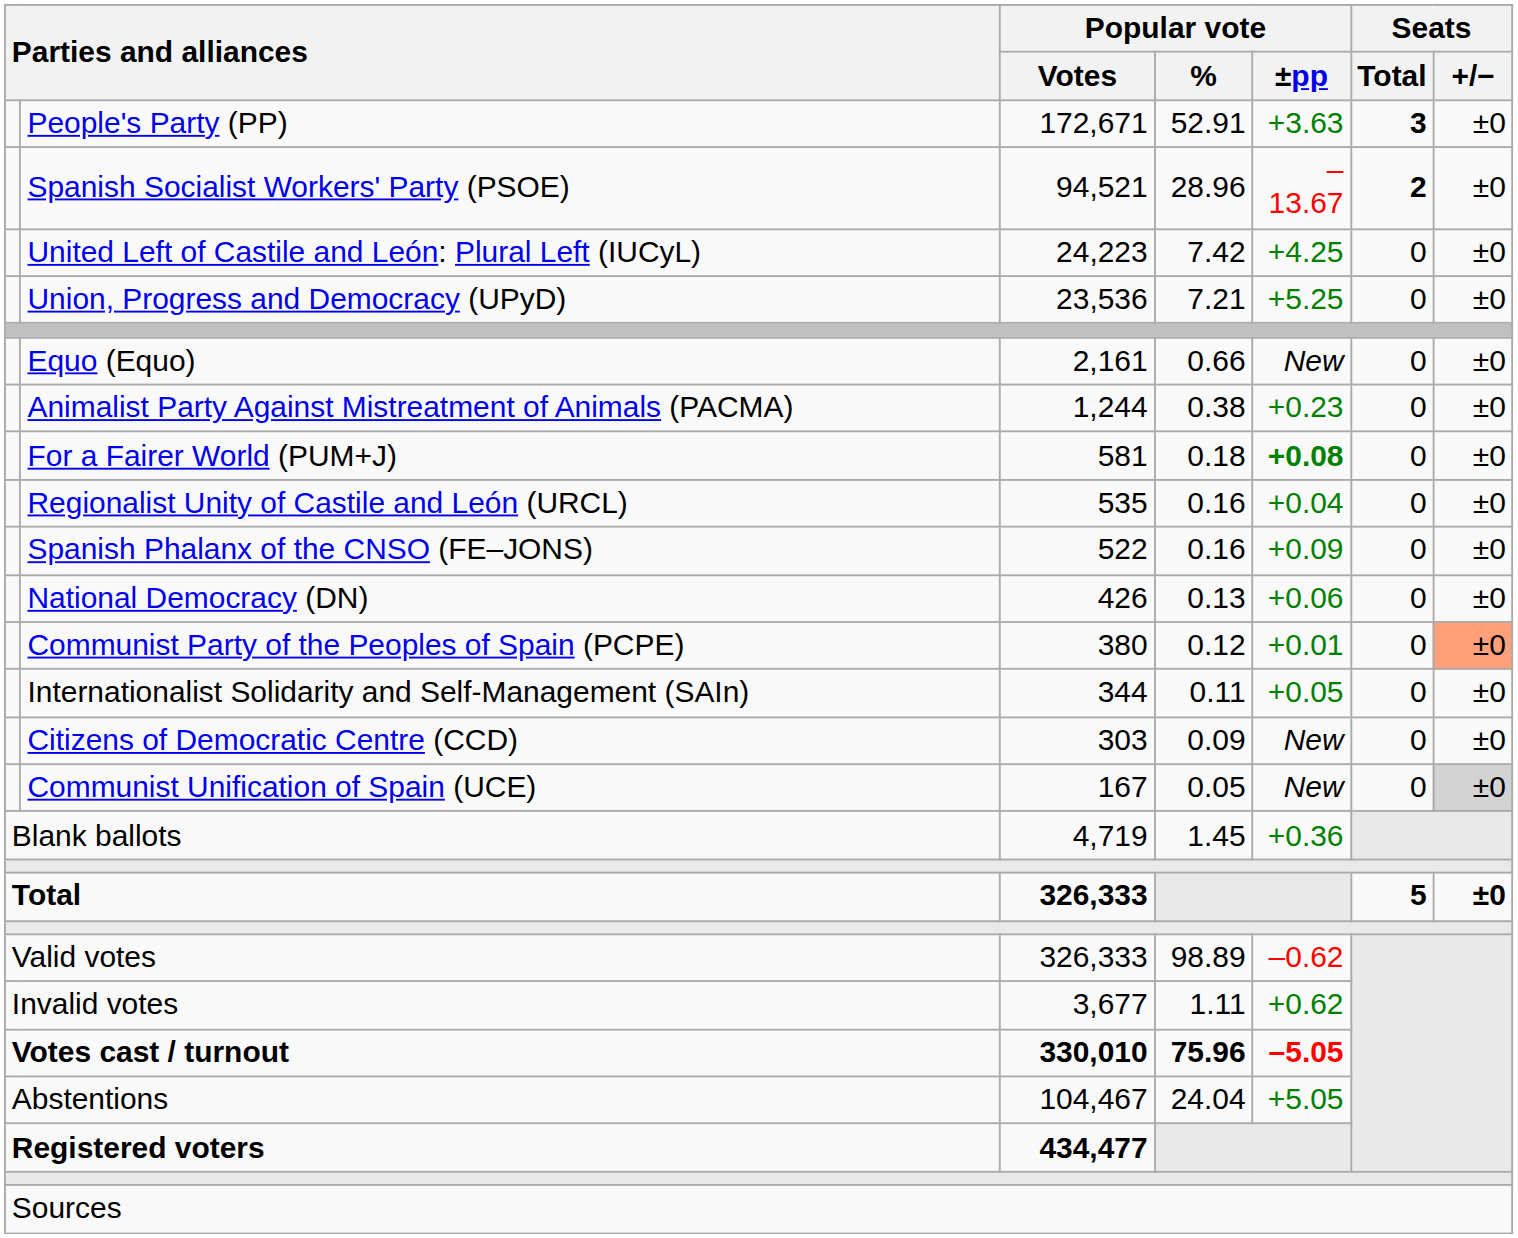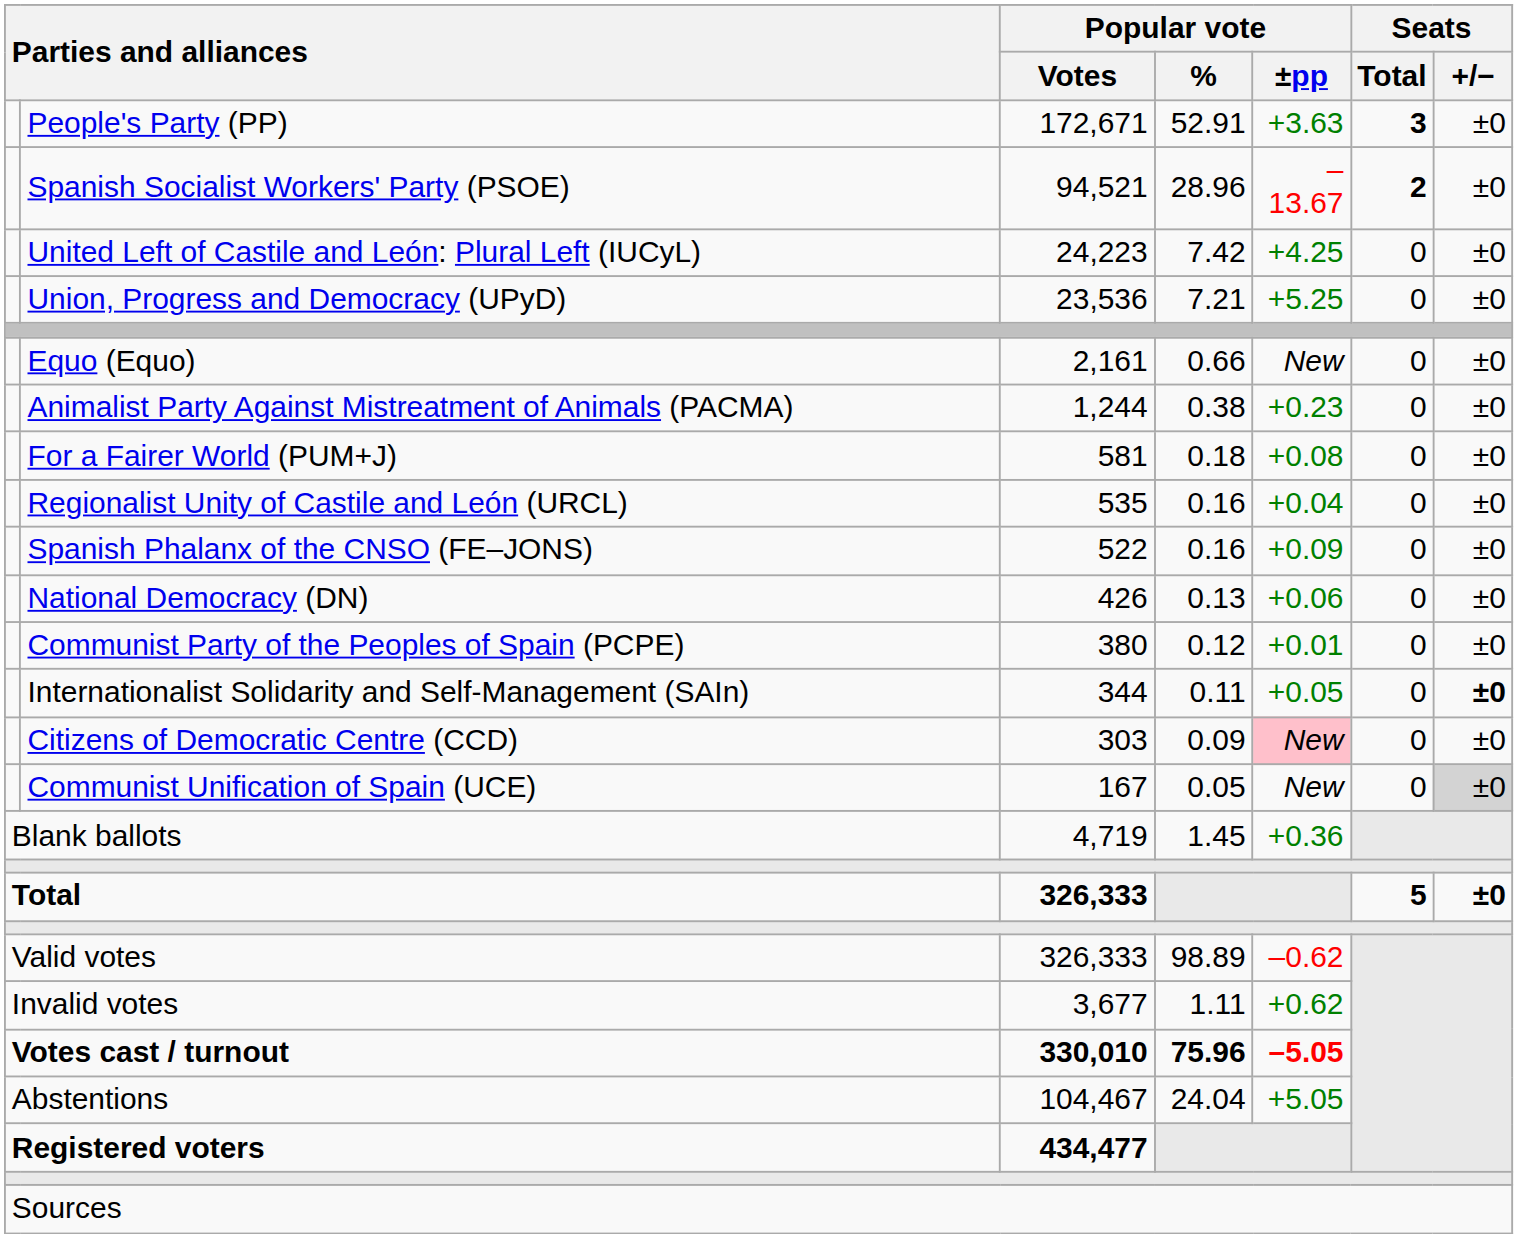 <table class="wikitable" style="text-align:right;">
 <tr>
 <th style="text-align:left;" rowspan="2" colspan="2" width="525">Parties and alliances</th>
 <th colspan="3">Popular vote</th>
 <th colspan="2">Seats</th>
 </tr>
 <tr>
 <th width="75">Votes</th>
 <th width="45">%</th>
 <th width="45">±<a href='#'>pp</a></th>
 <th width="35">Total</th>
 <th width="35">+/−</th>
 </tr>
 <tr>
 <td width="1" style="color:inherit;background:"></td>
 <td align="left"><a href='#'>People's Party</a> (PP)</td>
 <td>172,671</td>
 <td>52.91</td>
 <td style="color:green;">+3.63</td>
 <td><strong>3</strong></td>
 <td>±0</td>
 </tr>
 <tr>
 <td style="color:inherit;background:"></td>
 <td align="left"><a href='#'>Spanish Socialist Workers' Party</a> (PSOE)</td>
 <td>94,521</td>
 <td>28.96</td>
 <td style="color:red;">–13.67</td>
 <td><strong>2</strong></td>
 <td>±0</td>
 </tr>
 <tr>
 <td style="color:inherit;background:"></td>
 <td align="left"><a href='#'>United Left of Castile and León</a>: <a href='#'>Plural Left</a> (IUCyL)</td>
 <td>24,223</td>
 <td>7.42</td>
 <td style="color:green;">+4.25</td>
 <td>0</td>
 <td>±0</td>
 </tr>
 <tr>
 <td style="color:inherit;background:"></td>
 <td align="left"><a href='#'>Union, Progress and Democracy</a> (UPyD)</td>
 <td>23,536</td>
 <td>7.21</td>
 <td style="color:green;">+5.25</td>
 <td>0</td>
 <td>±0</td>
 </tr>
 <tr>
 <td colspan="7" bgcolor="#C0C0C0"></td>
 </tr>
 <tr>
 <td style="color:inherit;background:"></td>
 <td align="left"><a href='#'>Equo</a> (Equo)</td>
 <td>2,161</td>
 <td>0.66</td>
 <td><em>New</em></td>
 <td>0</td>
 <td>±0</td>
 </tr>
 <tr>
 <td style="color:inherit;background:"></td>
 <td align="left"><a href='#'>Animalist Party Against Mistreatment of Animals</a> (PACMA)</td>
 <td>1,244</td>
 <td>0.38</td>
 <td style="color:green;">+0.23</td>
 <td>0</td>
 <td>±0</td>
 </tr>
 <tr>
 <td style="color:inherit;background:"></td>
 <td align="left"><a href='#'>For a Fairer World</a> (PUM+J)</td>
 <td>581</td>
 <td>0.18</td>
-<td style="color:green;"><strong>+0.08</strong></td>
+<td style="color:green;">+0.08</td>
 <td>0</td>
 <td>±0</td>
 </tr>
 <tr>
 <td style="color:inherit;background:"></td>
 <td align="left"><a href='#'>Regionalist Unity of Castile and León</a> (URCL)</td>
 <td>535</td>
 <td>0.16</td>
 <td style="color:green;">+0.04</td>
 <td>0</td>
 <td>±0</td>
 </tr>
 <tr>
 <td style="color:inherit;background:"></td>
 <td align="left"><a href='#'>Spanish Phalanx of the CNSO</a> (FE–JONS)</td>
 <td>522</td>
 <td>0.16</td>
 <td style="color:green;">+0.09</td>
 <td>0</td>
 <td>±0</td>
 </tr>
 <tr>
 <td style="color:inherit;background:"></td>
 <td align="left"><a href='#'>National Democracy</a> (DN)</td>
 <td>426</td>
 <td>0.13</td>
 <td style="color:green;">+0.06</td>
 <td>0</td>
 <td>±0</td>
 </tr>
 <tr>
 <td style="color:inherit;background:"></td>
 <td align="left"><a href='#'>Communist Party of the Peoples of Spain</a> (PCPE)</td>
 <td>380</td>
 <td>0.12</td>
 <td style="color:green;">+0.01</td>
 <td>0</td>
-<td style="background: lightsalmon;">±0</td>
+<td>±0</td>
 </tr>
 <tr>
 <td style="color:inherit;background:"></td>
 <td align="left">Internationalist Solidarity and Self-Management (SAIn)</td>
 <td>344</td>
 <td>0.11</td>
 <td style="color:green;">+0.05</td>
 <td>0</td>
-<td>±0</td>
+<td><strong>±0</strong></td>
 </tr>
 <tr>
 <td style="color:inherit;background:"></td>
 <td align="left"><a href='#'>Citizens of Democratic Centre</a> (CCD)</td>
 <td>303</td>
 <td>0.09</td>
-<td><em>New</em></td>
+<td style="background: pink;"><em>New</em></td>
 <td>0</td>
 <td>±0</td>
 </tr>
 <tr>
 <td style="color:inherit;background:"></td>
 <td align="left"><a href='#'>Communist Unification of Spain</a> (UCE)</td>
 <td>167</td>
 <td>0.05</td>
 <td><em>New</em></td>
 <td>0</td>
 <td style="background: lightgrey;">±0</td>
 </tr>
 <tr>
 <td align="left" colspan="2">Blank ballots</td>
 <td>4,719</td>
 <td>1.45</td>
 <td style="color:green;">+0.36</td>
 <td bgcolor="#E9E9E9" colspan="2"></td>
 </tr>
 <tr>
 <td colspan="7" bgcolor="#E9E9E9"></td>
 </tr>
 <tr style="font-weight:bold;">
 <td align="left" colspan="2">Total</td>
 <td>326,333</td>
 <td bgcolor="#E9E9E9" colspan="2"></td>
 <td>5</td>
 <td>±0</td>
 </tr>
 <tr>
 <td colspan="7" bgcolor="#E9E9E9"></td>
 </tr>
 <tr>
 <td align="left" colspan="2">Valid votes</td>
 <td>326,333</td>
 <td>98.89</td>
 <td style="color:red;">–0.62</td>
 <td bgcolor="#E9E9E9" colspan="2" rowspan="5"></td>
 </tr>
 <tr>
 <td align="left" colspan="2">Invalid votes</td>
 <td>3,677</td>
 <td>1.11</td>
 <td style="color:green;">+0.62</td>
 </tr>
 <tr style="font-weight:bold;">
 <td align="left" colspan="2">Votes cast / turnout</td>
 <td>330,010</td>
 <td>75.96</td>
 <td style="color:red;">–5.05</td>
 </tr>
 <tr>
 <td align="left" colspan="2">Abstentions</td>
 <td>104,467</td>
 <td>24.04</td>
 <td style="color:green;">+5.05</td>
 </tr>
 <tr style="font-weight:bold;">
 <td align="left" colspan="2">Registered voters</td>
 <td>434,477</td>
 <td bgcolor="#E9E9E9" colspan="2"></td>
 </tr>
 <tr>
 <td colspan="7" bgcolor="#E9E9E9"></td>
 </tr>
 <tr>
 <td align="left" colspan="7">Sources</td>
 </tr>
 </table>
